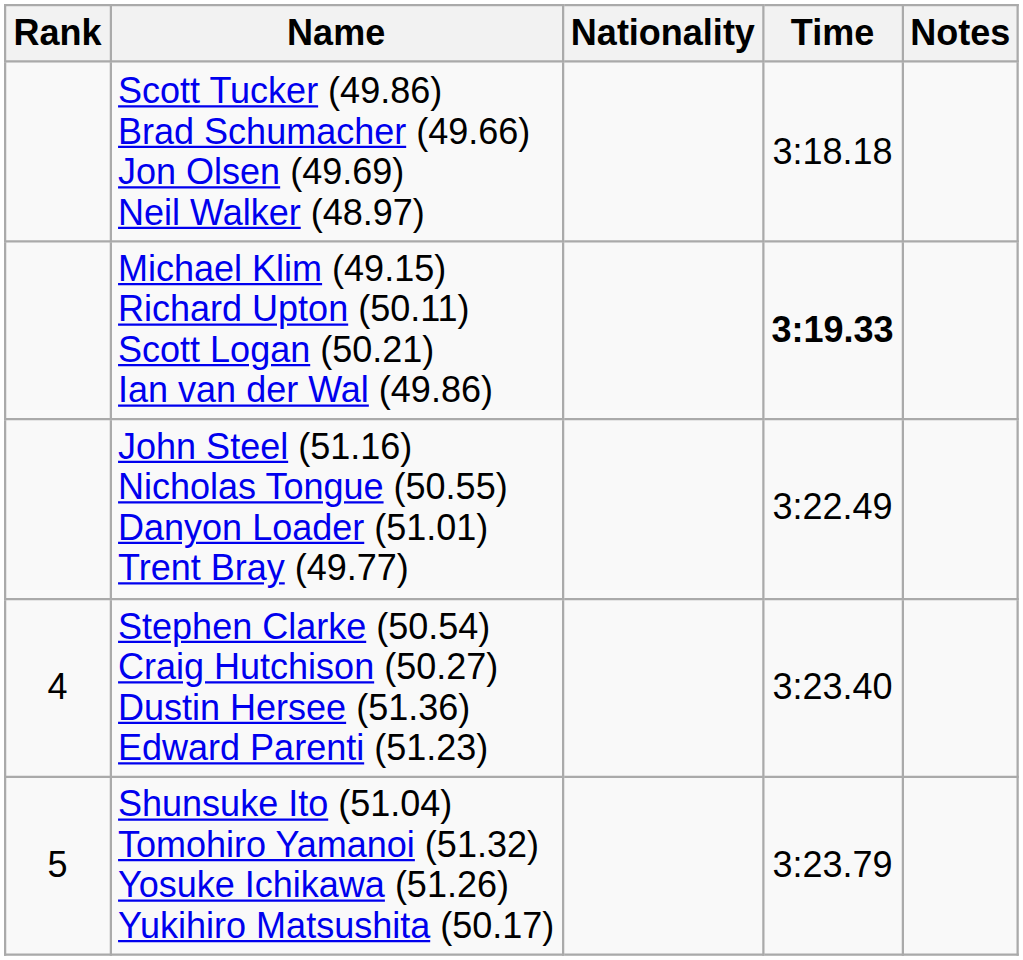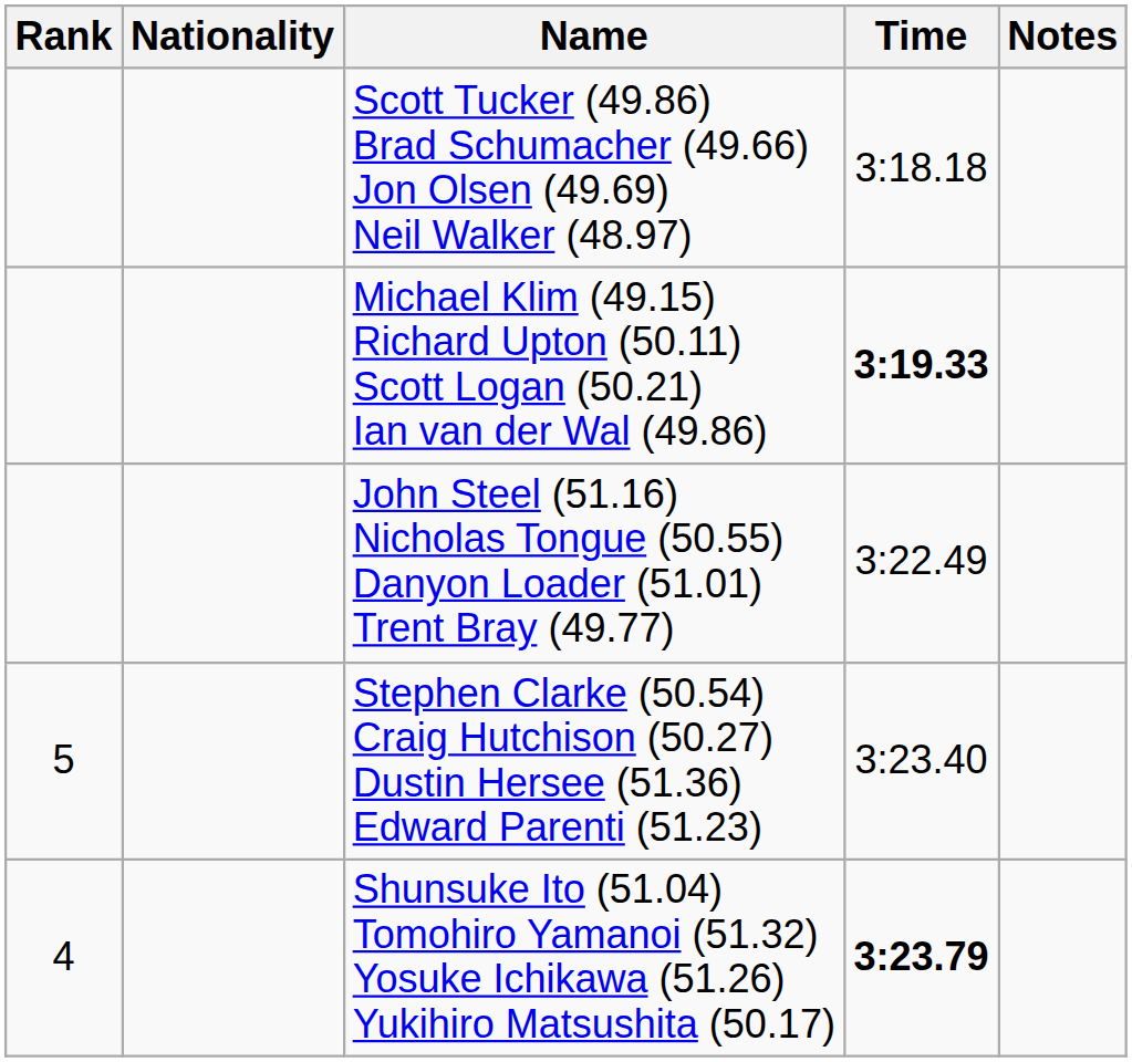 <table class="wikitable sortable" style="text-align:center">
 <tr>
 <th>Rank</th>
+<th>Nationality</th>
 <th>Name</th>
-<th>Nationality</th>
 <th>Time</th>
 <th>Notes</th>
 </tr>
 <tr>
 <td></td>
+<td align=left></td>
 <td align=left><a href='#'>Scott Tucker</a> (49.86) <br> <a href='#'>Brad Schumacher</a> (49.66) <br> <a href='#'>Jon Olsen</a> (49.69) <br> <a href='#'>Neil Walker</a> (48.97)</td>
-<td align=left></td>
 <td>3:18.18</td>
 <td></td>
 </tr>
 <tr>
 <td></td>
+<td align=left></td>
 <td align=left><a href='#'>Michael Klim</a> (49.15) <br> <a href='#'>Richard Upton</a> (50.11) <br> <a href='#'>Scott Logan</a> (50.21) <br> <a href='#'>Ian van der Wal</a> (49.86)</td>
-<td align=left></td>
 <td><strong>3:19.33</strong></td>
 <td></td>
 </tr>
 <tr>
 <td></td>
+<td align=left></td>
 <td align=left><a href='#'>John Steel</a> (51.16) <br> <a href='#'>Nicholas Tongue</a> (50.55) <br> <a href='#'>Danyon Loader</a> (51.01) <br> <a href='#'>Trent Bray</a> (49.77)</td>
-<td align=left></td>
 <td>3:22.49</td>
 <td></td>
 </tr>
 <tr>
-<td>4</td>
+<td>5</td>
+<td align=left></td>
 <td align=left><a href='#'>Stephen Clarke</a> (50.54) <br> <a href='#'>Craig Hutchison</a> (50.27) <br> <a href='#'>Dustin Hersee</a> (51.36) <br> <a href='#'>Edward Parenti</a> (51.23)</td>
-<td align=left></td>
 <td>3:23.40</td>
 <td></td>
 </tr>
 <tr>
-<td>5</td>
+<td>4</td>
+<td align=left></td>
 <td align=left><a href='#'>Shunsuke Ito</a> (51.04) <br> <a href='#'>Tomohiro Yamanoi</a> (51.32) <br> <a href='#'>Yosuke Ichikawa</a> (51.26) <br> <a href='#'>Yukihiro Matsushita</a> (50.17)</td>
-<td align=left></td>
-<td>3:23.79</td>
+<td><strong>3:23.79</strong></td>
 <td></td>
 </tr>
 </table>
